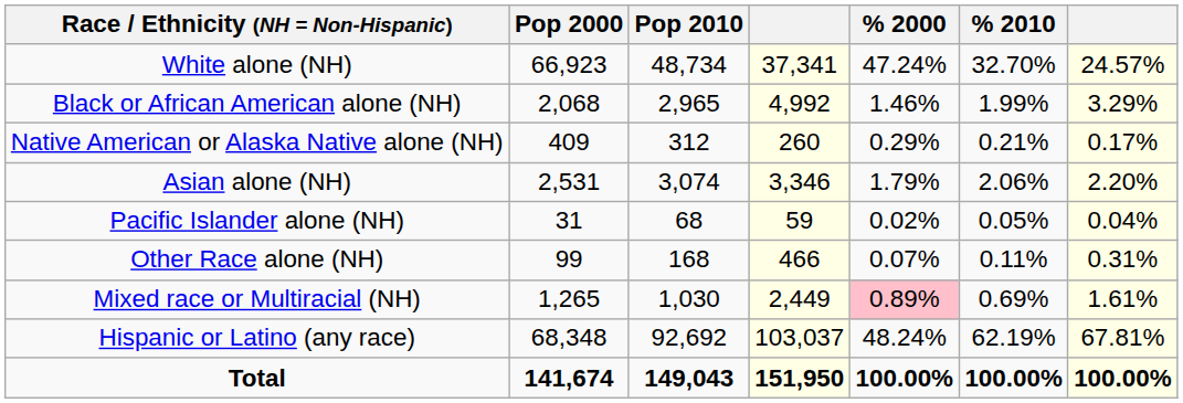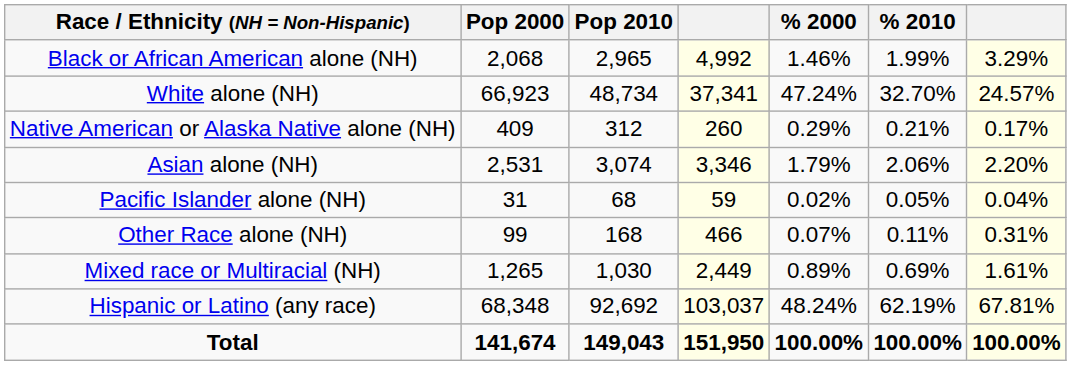 <table class="wikitable" style="text-align:center;">
 <tr>
 <th>Race / Ethnicity <small>(<em>NH = Non-Hispanic</em>)</small></th>
 <th>Pop 2000</th>
 <th>Pop 2010</th>
 <th></th>
 <th>% 2000</th>
 <th>% 2010</th>
 <th></th>
 </tr>
 <tr>
+<td><a href='#'>Black or African American</a> alone (NH)</td>
+<td>2,068</td>
+<td>2,965</td>
+<td style='background: #ffffe6;'>4,992</td>
+<td>1.46%</td>
+<td>1.99%</td>
+<td style='background: #ffffe6;'>3.29%</td>
+</tr>
+<tr>
 <td><a href='#'>White</a> alone (NH)</td>
 <td>66,923</td>
 <td>48,734</td>
 <td style='background: #ffffe6;'>37,341</td>
 <td>47.24%</td>
 <td>32.70%</td>
 <td style='background: #ffffe6;'>24.57%</td>
-</tr>
-<tr>
-<td><a href='#'>Black or African American</a> alone (NH)</td>
-<td>2,068</td>
-<td>2,965</td>
-<td style='background: #ffffe6;'>4,992</td>
-<td>1.46%</td>
-<td>1.99%</td>
-<td style='background: #ffffe6;'>3.29%</td>
 </tr>
 <tr>
 <td><a href='#'>Native American</a> or <a href='#'>Alaska Native</a> alone (NH)</td>
 <td>409</td>
 <td>312</td>
 <td style='background: #ffffe6;'>260</td>
 <td>0.29%</td>
 <td>0.21%</td>
 <td style='background: #ffffe6;'>0.17%</td>
 </tr>
 <tr>
 <td><a href='#'>Asian</a> alone (NH)</td>
 <td>2,531</td>
 <td>3,074</td>
 <td style='background: #ffffe6;'>3,346</td>
 <td>1.79%</td>
 <td>2.06%</td>
 <td style='background: #ffffe6;'>2.20%</td>
 </tr>
 <tr>
 <td><a href='#'>Pacific Islander</a> alone (NH)</td>
 <td>31</td>
 <td>68</td>
 <td style='background: #ffffe6;'>59</td>
 <td>0.02%</td>
 <td>0.05%</td>
 <td style='background: #ffffe6;'>0.04%</td>
 </tr>
 <tr>
 <td><a href='#'>Other Race</a> alone (NH)</td>
 <td>99</td>
 <td>168</td>
 <td style='background: #ffffe6;'>466</td>
 <td>0.07%</td>
 <td>0.11%</td>
 <td style='background: #ffffe6;'>0.31%</td>
 </tr>
 <tr>
 <td><a href='#'>Mixed race or Multiracial</a> (NH)</td>
 <td>1,265</td>
 <td>1,030</td>
 <td style='background: #ffffe6;'>2,449</td>
-<td style="background: pink;">0.89%</td>
+<td>0.89%</td>
 <td>0.69%</td>
 <td style='background: #ffffe6;'>1.61%</td>
 </tr>
 <tr>
 <td><a href='#'>Hispanic or Latino</a> (any race)</td>
 <td>68,348</td>
 <td>92,692</td>
 <td style='background: #ffffe6;'>103,037</td>
 <td>48.24%</td>
 <td>62.19%</td>
 <td style='background: #ffffe6;'>67.81%</td>
 </tr>
 <tr>
 <td><strong>Total</strong></td>
 <td><strong>141,674</strong></td>
 <td><strong>149,043</strong></td>
 <td style='background: #ffffe6;'><strong>151,950</strong></td>
 <td><strong>100.00%</strong></td>
 <td><strong>100.00%</strong></td>
 <td style='background: #ffffe6;'><strong>100.00%</strong></td>
 </tr>
 </table>
